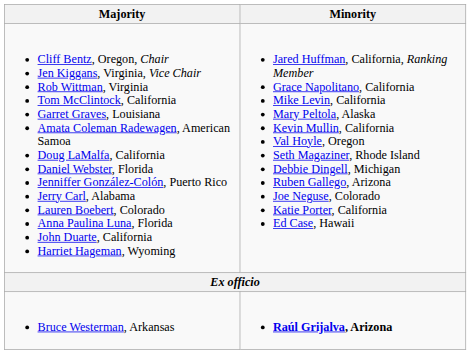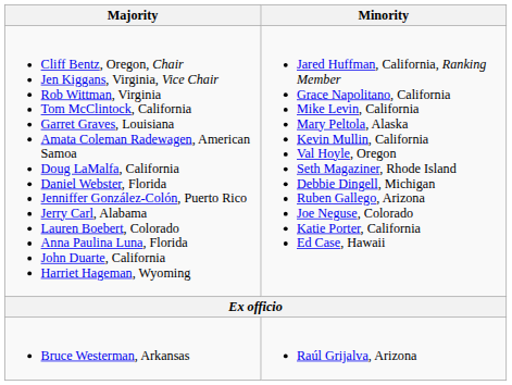 <table class=wikitable>
 <tr>
 <th>Majority</th>
 <th>Minority</th>
 </tr>
 <tr valign=top>
 <td><br><ul><li><a href='#'>Cliff Bentz</a>, Oregon, <em>Chair</em></li><li><a href='#'>Jen Kiggans</a>, Virginia, <em>Vice Chair</em></li><li><a href='#'>Rob Wittman</a>, Virginia</li><li><a href='#'>Tom McClintock</a>, California</li><li><a href='#'>Garret Graves</a>, Louisiana</li><li><a href='#'>Amata Coleman Radewagen</a>, American Samoa</li><li><a href='#'>Doug LaMalfa</a>, California</li><li><a href='#'>Daniel Webster</a>, Florida</li><li><a href='#'>Jenniffer González-Colón</a>, Puerto Rico</li><li><a href='#'>Jerry Carl</a>, Alabama</li><li><a href='#'>Lauren Boebert</a>, Colorado</li><li><a href='#'>Anna Paulina Luna</a>, Florida</li><li><a href='#'>John Duarte</a>, California</li><li><a href='#'>Harriet Hageman</a>, Wyoming</li></ul></td>
 <td><br><ul><li><a href='#'>Jared Huffman</a>, California, <em>Ranking Member</em></li><li><a href='#'>Grace Napolitano</a>, California</li><li><a href='#'>Mike Levin</a>, California</li><li><a href='#'>Mary Peltola</a>, Alaska</li><li><a href='#'>Kevin Mullin</a>, California</li><li><a href='#'>Val Hoyle</a>, Oregon</li><li><a href='#'>Seth Magaziner</a>, Rhode Island</li><li><a href='#'>Debbie Dingell</a>, Michigan</li><li><a href='#'>Ruben Gallego</a>, Arizona</li><li><a href='#'>Joe Neguse</a>, Colorado</li><li><a href='#'>Katie Porter</a>, California</li><li><a href='#'>Ed Case</a>, Hawaii</li></ul></td>
 </tr>
 <tr>
 <th colspan=2><em>Ex officio</em></th>
 </tr>
 <tr>
 <td><br><ul><li><a href='#'>Bruce Westerman</a>, Arkansas</li></ul></td>
-<td><strong><br><ul><li><a href='#'>Raúl Grijalva</a>, Arizona</li></ul></strong></td>
+<td><br><ul><li><a href='#'>Raúl Grijalva</a>, Arizona</li></ul></td>
 </tr>
 </table>
